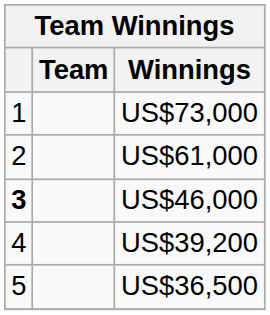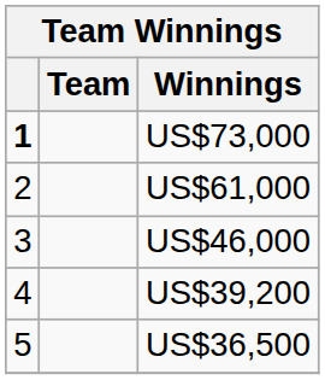 <table class="wikitable">
 <tr>
 <th colspan="3">Team Winnings</th>
 </tr>
 <tr>
 <th></th>
 <th>Team</th>
 <th>Winnings</th>
 </tr>
 <tr>
-<td>1</td>
+<td><strong>1</strong></td>
 <td><br></td>
 <td>US$73,000</td>
 </tr>
 <tr>
 <td>2</td>
 <td><br></td>
 <td>US$61,000</td>
 </tr>
 <tr>
-<td><strong>3</strong></td>
+<td>3</td>
 <td><br></td>
 <td>US$46,000</td>
 </tr>
 <tr>
 <td>4</td>
 <td><br></td>
 <td>US$39,200</td>
 </tr>
 <tr>
 <td>5</td>
 <td><br></td>
 <td>US$36,500</td>
 </tr>
 <tr>
 </tr>
 </table>
